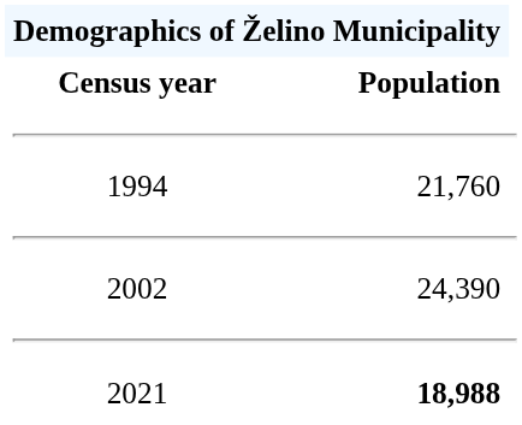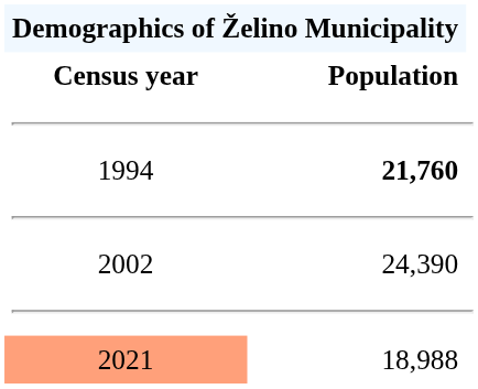 <table class="toccolours" align="center" cellpadding="4" cellspacing="0" style="margin:0 0 1em 1em; font-size: 95%;">
 <tr>
 <th colspan=2 bgcolor="#F0F8FF" align="center">Demographics   of <strong>Želino Municipality</strong></th>
 <th></th>
 </tr>
 <tr>
 <th align="center">Census year</th>
 <th align="right">Population</th>
 </tr>
 <tr>
 <td colspan=3><hr></td>
 </tr>
 <tr>
 <td align="center">1994</td>
-<td align="right">21,760</td>
+<td align="right"><strong>21,760</strong></td>
 </tr>
 <tr>
 <td colspan=3><hr></td>
 </tr>
 <tr>
 <td align="center">2002</td>
 <td align="right">24,390</td>
 </tr>
 <tr>
 <td colspan=3><hr></td>
 </tr>
 <tr>
-<td align="center">2021</td>
-<td align="right"><strong>18,988</strong></td>
+<td align="center" style="background: lightsalmon;">2021</td>
+<td align="right">18,988</td>
 </tr>
 <tr>
 </tr>
 </table>
